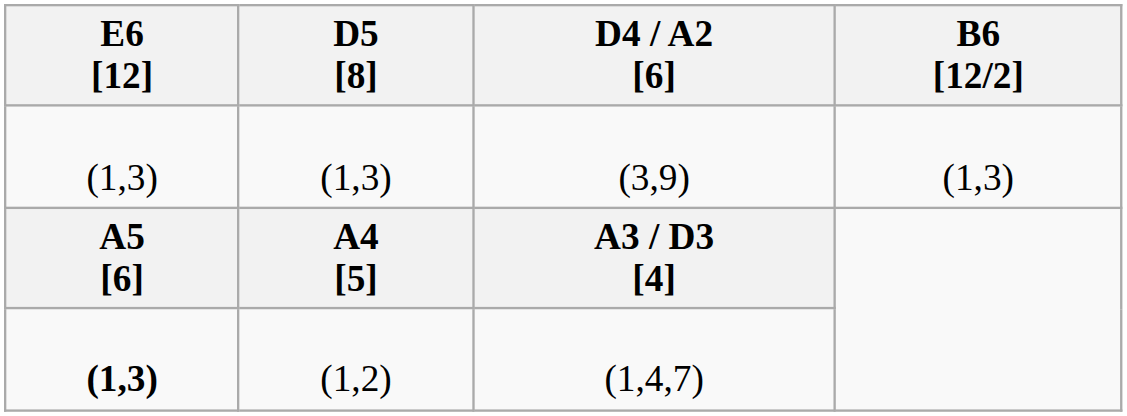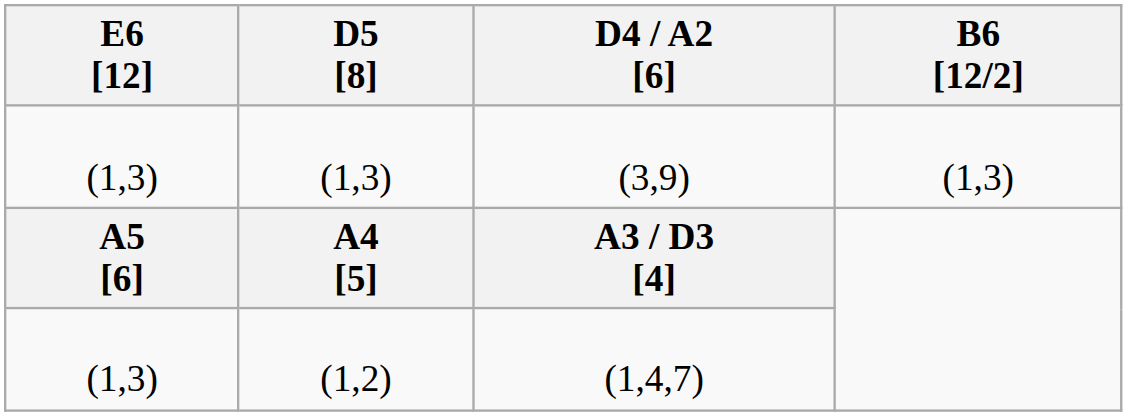 <table class=wikitable width=480>
 <tr>
 <th>E6<br>[12]</th>
 <th>D5<br>[8]</th>
 <th>D4 / A2<br>[6]</th>
 <th>B6<br>[12/2]</th>
 </tr>
 <tr valign=top align=center>
 <td><br>(1,3)</td>
 <td><br>(1,3)</td>
 <td><br>(3,9)</td>
 <td><br>(1,3)</td>
 </tr>
 <tr>
 <th>A5<br>[6]</th>
 <th>A4<br>[5]</th>
 <th>A3 / D3<br>[4]</th>
 </tr>
 <tr valign=top align=center>
-<td><strong><br>(1,3)</strong></td>
+<td><br>(1,3)</td>
 <td><br>(1,2)</td>
 <td><br>(1,4,7)</td>
 </tr>
 </table>
